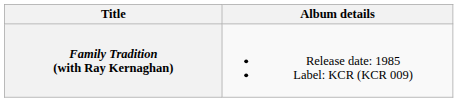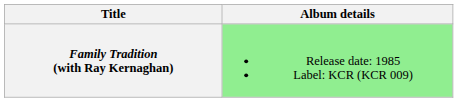 <table class="wikitable plainrowheaders" style="text-align:center;" border="1">
 <tr>
 <th scope="col" style="width:17em;">Title</th>
 <th scope="col" style="width:18em;">Album details</th>
 </tr>
 <tr>
 <th scope="row"><em>Family Tradition</em> <br> (with Ray Kernaghan)</th>
-<td><br><ul><li>Release date: 1985</li><li>Label: KCR (KCR 009)</li></ul></td>
+<td style="background: lightgreen;"><br><ul><li>Release date: 1985</li><li>Label: KCR (KCR 009)</li></ul></td>
 </tr>
 </table>
